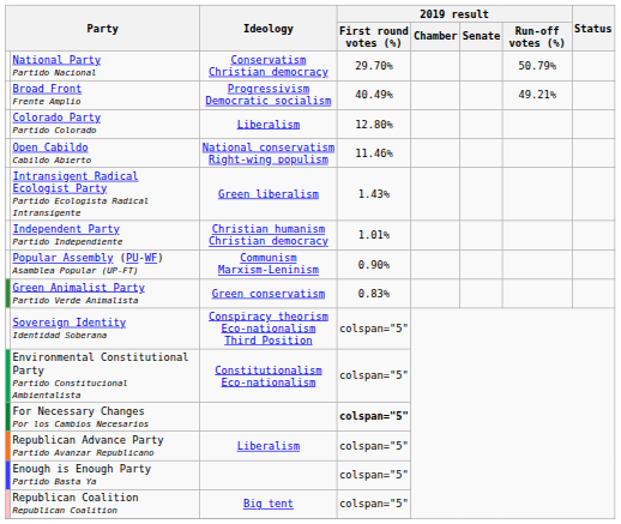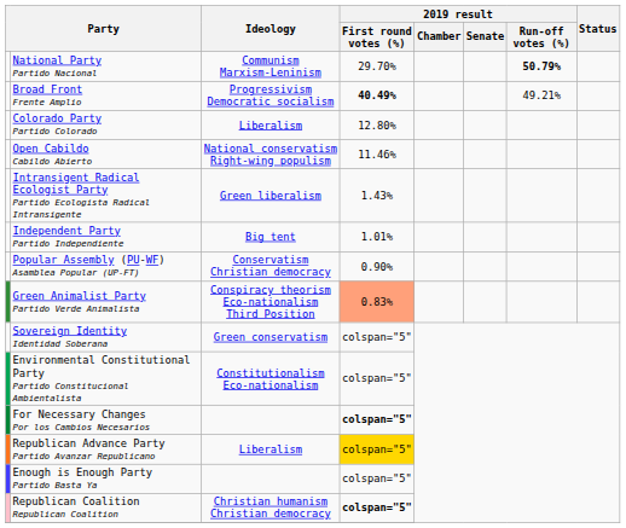 <table class="wikitable" style="text-align:center; width:795;">
 <tr>
 <th colspan="2" rowspan="2">Party</th>
 <th rowspan="2">Ideology</th>
 <th colspan="4">2019 result</th>
 <th rowspan="2">Status</th>
 </tr>
 <tr>
 <th style="width:80px">First round votes (%)</th>
 <th>Chamber</th>
 <th>Senate</th>
 <th style="width:80px">Run-off votes (%)</th>
 </tr>
 <tr>
 <td style="background:"></td>
 <td style="width:230px; text-align:left"><a href='#'>National Party</a><br><small><em>Partido Nacional</em></small></td>
-<td><a href='#'>Conservatism</a><br><a href='#'>Christian democracy</a></td>
+<td><a href='#'>Communism</a><br><a href='#'>Marxism-Leninism</a></td>
 <td>29.70%</td>
 <td></td>
 <td></td>
-<td>50.79%</td>
+<td><strong>50.79%</strong></td>
 <td></td>
 </tr>
 <tr>
 <td style="background:"></td>
 <td style="width:230px; text-align:left"><a href='#'>Broad Front</a><br><small><em>Frente Amplio</em></small></td>
 <td><a href='#'>Progressivism</a><br><a href='#'>Democratic socialism</a></td>
-<td>40.49%</td>
+<td><strong>40.49%</strong></td>
 <td></td>
 <td></td>
 <td>49.21%</td>
 <td></td>
 </tr>
 <tr>
 <td style="background:"></td>
 <td style="width:230px; text-align:left"><a href='#'>Colorado Party</a><br><small><em>Partido Colorado</em></small></td>
 <td><a href='#'>Liberalism</a></td>
 <td>12.80%</td>
 <td></td>
 <td></td>
 <td></td>
 <td></td>
 </tr>
 <tr>
 <td style="background:"></td>
 <td style="width:230px; text-align:left"><a href='#'>Open Cabildo</a><br><small><em>Cabildo Abierto</em></small></td>
 <td><a href='#'>National conservatism</a><br><a href='#'>Right-wing populism</a></td>
 <td>11.46%</td>
 <td></td>
 <td></td>
 <td></td>
 <td></td>
 </tr>
 <tr>
 <td style="background:"></td>
 <td style="width:230px; text-align:left"><a href='#'>Intransigent Radical Ecologist Party</a><br><small><em>Partido Ecologista Radical Intransigente</em></small></td>
 <td><a href='#'>Green liberalism</a></td>
 <td>1.43%</td>
 <td></td>
 <td></td>
 <td></td>
 <td></td>
 </tr>
 <tr>
 <td style="background:"></td>
 <td style="width:230px; text-align:left"><a href='#'>Independent Party</a><br><small><em>Partido Independiente</em></small></td>
-<td><a href='#'>Christian humanism</a><br><a href='#'>Christian democracy</a></td>
+<td><a href='#'>Big tent</a></td>
 <td>1.01%</td>
 <td></td>
 <td></td>
 <td></td>
 <td></td>
 </tr>
 <tr>
 <td style="background:"></td>
 <td style="width:230px; text-align:left"><a href='#'>Popular Assembly</a> (<a href='#'>PU</a>-<a href='#'>WF</a>)<br><small><em>Asamblea Popular (UP-FT)</em></small></td>
-<td><a href='#'>Communism</a><br><a href='#'>Marxism-Leninism</a></td>
+<td><a href='#'>Conservatism</a><br><a href='#'>Christian democracy</a></td>
 <td>0.90%</td>
 <td></td>
 <td></td>
 <td></td>
 <td></td>
 </tr>
 <tr>
 <td style="background:#318C38"></td>
 <td style="width:230px; text-align:left"><a href='#'>Green Animalist Party</a><br><small><em>Partido Verde Animalista</em></small></td>
-<td><a href='#'>Green conservatism</a></td>
-<td>0.83%</td>
+<td><a href='#'>Conspiracy theorism</a><br><a href='#'>Eco-nationalism</a><br><a href='#'>Third Position</a></td>
+<td style="background: lightsalmon;">0.83%</td>
 <td></td>
 <td></td>
 <td></td>
 <td></td>
 </tr>
 <tr>
 <td style="background:"></td>
 <td style="width:230px; text-align:left"><a href='#'>Sovereign Identity</a><br><small><em>Identidad Soberana</em></small></td>
-<td><a href='#'>Conspiracy theorism</a><br><a href='#'>Eco-nationalism</a><br><a href='#'>Third Position</a></td>
+<td><a href='#'>Green conservatism</a></td>
 <td>colspan="5" </td>
 </tr>
 <tr>
 <td style="background:#00a655"></td>
 <td style="width:230px; text-align:left">Environmental Constitutional Party<br><small><em>Partido Constitucional Ambientalista</em></small></td>
 <td><a href='#'>Constitutionalism</a><br><a href='#'>Eco-nationalism</a></td>
 <td>colspan="5"  </td>
 </tr>
 <tr>
 <td style="background:#008536"></td>
 <td style="width:230px; text-align:left">For Necessary Changes<br><small><em>Por los Cambios Necesarios</em></small></td>
 <td></td>
 <td><strong>colspan="5"  </strong></td>
 </tr>
 <tr>
 <td style="background:#fd731b"></td>
 <td style="width:230px; text-align:left">Republican Advance Party<br><small><em>Partido Avanzar Republicano</em></small></td>
 <td><a href='#'>Liberalism</a></td>
-<td>colspan="5"  </td>
+<td style="background: gold;">colspan="5"  </td>
 </tr>
 <tr>
 <td style="background:#423cfe"></td>
 <td style="width:230px; text-align:left">Enough is Enough Party<br><small><em>Partido Basta Ya</em></small></td>
 <td></td>
 <td>colspan="5"  </td>
 </tr>
 <tr>
 <td style="background:pink"></td>
 <td style="width:230px; text-align:left">Republican Coalition<br><small><em>Republican Coalition</em></small></td>
-<td><a href='#'>Big tent</a></td>
-<td>colspan="5"  </td>
+<td><a href='#'>Christian humanism</a><br><a href='#'>Christian democracy</a></td>
+<td><strong>colspan="5"  </strong></td>
 </tr>
 <tr>
 </tr>
 </table>
